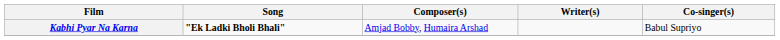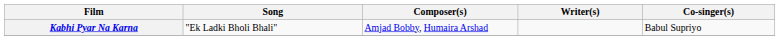 <table class="wikitable plainrowheaders" width="100%" textcolor:#000;">
 <tr>
 <th scope="col" width=23%><strong>Film</strong></th>
 <th scope="col" width=23%><strong>Song</strong></th>
 <th scope="col" width=20%><strong>Composer(s)</strong></th>
 <th scope="col" width=16%><strong>Writer(s)</strong></th>
 <th scope="col" width=17%><strong>Co-singer(s)</strong></th>
 </tr>
 <tr>
 <th scope="row"><em><a href='#'>Kabhi Pyar Na Karna</a></em></th>
-<td><strong>"Ek Ladki Bholi Bhali"</strong></td>
+<td>"Ek Ladki Bholi Bhali"</td>
 <td><a href='#'>Amjad Bobby</a>, <a href='#'>Humaira Arshad</a></td>
 <td></td>
 <td>Babul Supriyo</td>
 </tr>
 <tr>
 </tr>
 </table>
